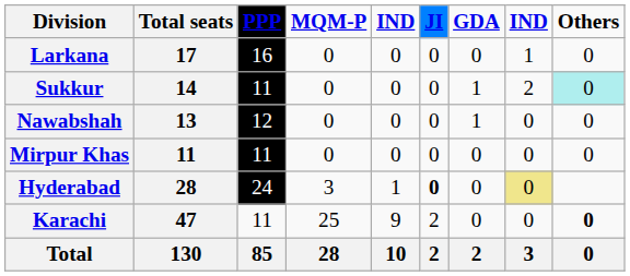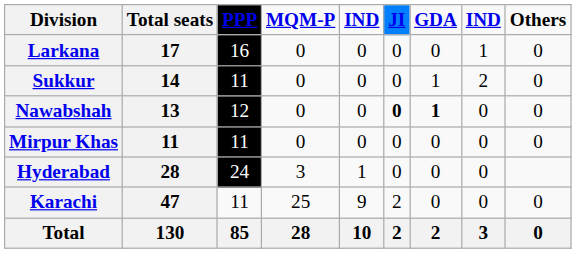 <table class="wikitable sortable" style="text-align:center;">
 <tr>
 <th>Division</th>
 <th>Total seats</th>
 <td style="background:#000000;"><a href='#'><span><strong>PPP</strong></span></a></td>
 <td style="background:"><a href='#'><span><strong>MQM-P</strong></span></a></td>
 <td style="background:"><a href='#'><span><strong>IND</strong></span></a></td>
 <td style="background:#0080ff;"><a href='#'><span><strong>JI</strong></span></a></td>
 <td style="background:"><a href='#'><span><strong>GDA</strong></span></a></td>
 <td><a href='#'><span><strong>IND</strong></span></a></td>
 <td><span><strong>Others</strong></span></td>
 </tr>
 <tr>
 <th><a href='#'>Larkana</a></th>
 <th>17</th>
 <td style="background:#000000 ; color:white;">16</td>
 <td>0</td>
 <td>0</td>
 <td>0</td>
 <td>0</td>
 <td>1</td>
 <td>0</td>
 </tr>
 <tr>
 <th><a href='#'>Sukkur</a></th>
 <th>14</th>
 <td style="background:#000000 ; color:white;">11</td>
 <td>0</td>
 <td>0</td>
 <td>0</td>
 <td>1</td>
 <td>2</td>
-<td style="background: paleturquoise;">0</td>
+<td>0</td>
 </tr>
 <tr>
 <th><a href='#'>Nawabshah</a></th>
 <th>13</th>
 <td style="background:#000000 ; color:white;">12</td>
 <td>0</td>
 <td>0</td>
-<td>0</td>
-<td>1</td>
+<td><strong>0</strong></td>
+<td><strong>1</strong></td>
 <td>0</td>
 <td>0</td>
 </tr>
 <tr>
 <th><a href='#'>Mirpur Khas</a></th>
 <th>11</th>
 <td style="background:#000000 ; color:white;">11</td>
 <td>0</td>
 <td>0</td>
 <td>0</td>
 <td>0</td>
 <td>0</td>
 <td>0</td>
 </tr>
 <tr>
 <th><a href='#'>Hyderabad</a></th>
 <th>28</th>
 <td style="background:#000000 ; color:white;">24</td>
 <td>3</td>
 <td>1</td>
-<td><strong>0</strong></td>
 <td>0</td>
-<td style="background: khaki;">0</td>
+<td>0</td>
+<td>0</td>
 <td></td>
 </tr>
 <tr>
 <th><a href='#'>Karachi</a></th>
 <th>47</th>
 <td>11</td>
 <td style="background:">25</td>
 <td>9</td>
 <td>2</td>
 <td>0</td>
 <td>0</td>
-<td><strong>0</strong></td>
+<td>0</td>
 </tr>
 <tr>
 <th>Total</th>
 <th>130</th>
 <th>85</th>
 <th>28</th>
 <th>10</th>
 <th>2</th>
 <th>2</th>
 <th>3</th>
 <th>0</th>
 </tr>
 </table>
